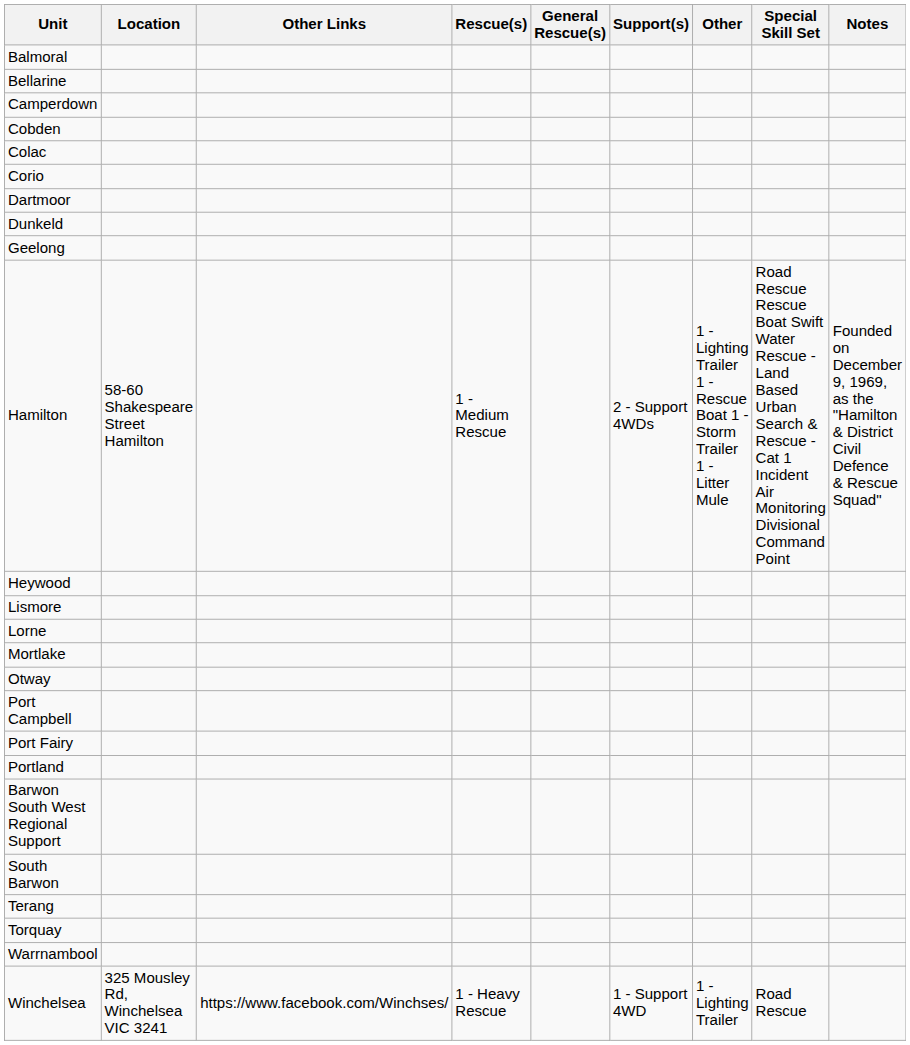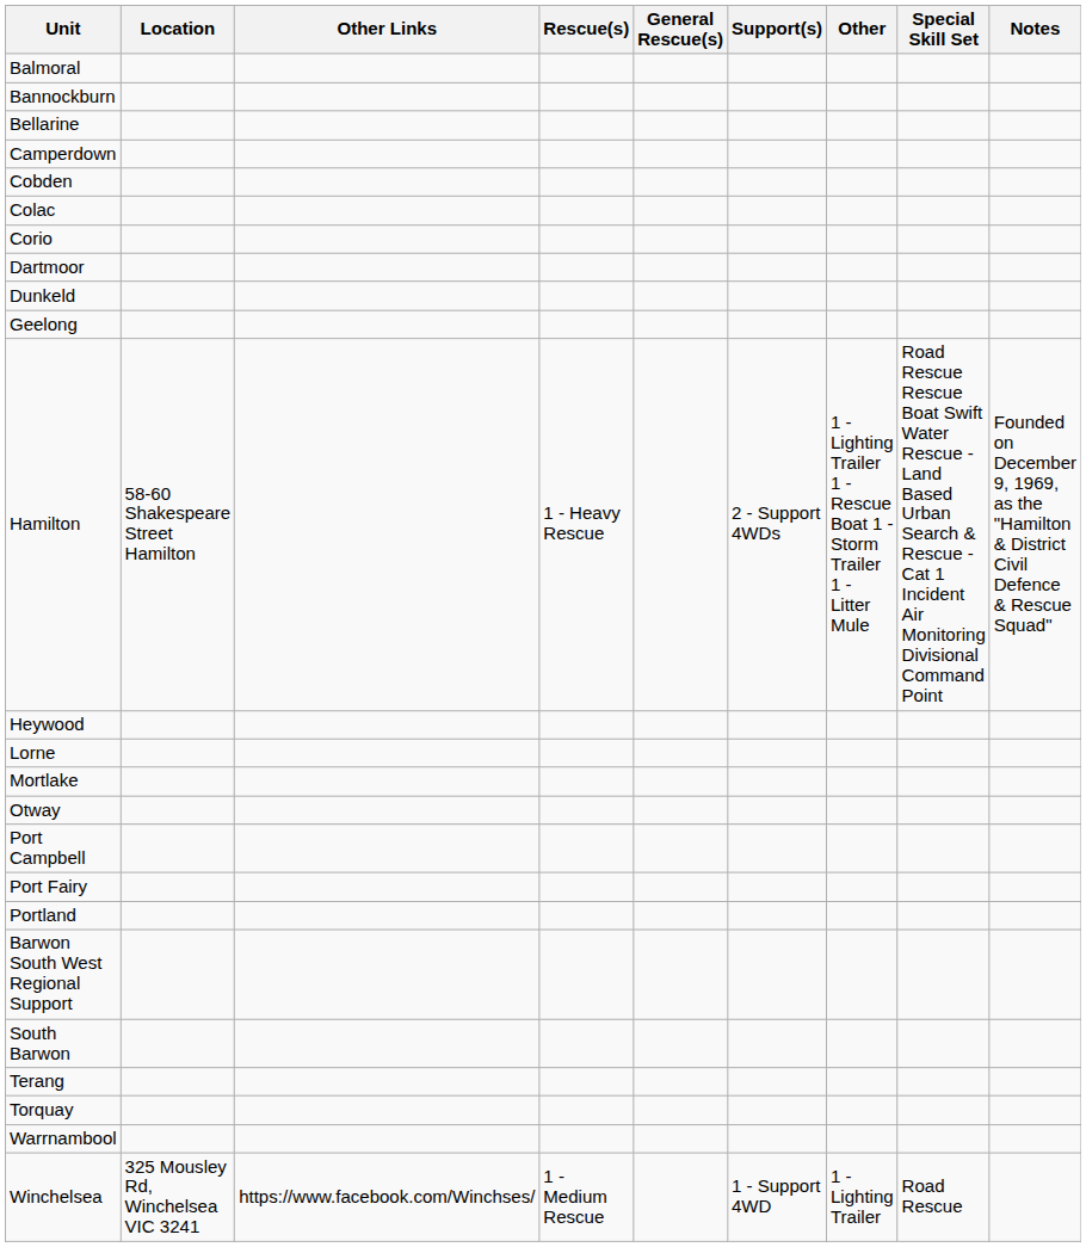 <table class="wikitable">
 <tr>
 <th>Unit</th>
 <th>Location</th>
 <th>Other Links</th>
 <th>Rescue(s)</th>
 <th>General Rescue(s)</th>
 <th>Support(s)</th>
 <th>Other</th>
 <th>Special Skill Set</th>
 <th>Notes</th>
 </tr>
 <tr>
 <td>Balmoral</td>
+<td></td>
+<td></td>
+<td></td>
+<td></td>
+<td></td>
+<td></td>
+<td></td>
+<td></td>
+</tr>
+<tr>
+<td>Bannockburn</td>
 <td></td>
 <td></td>
 <td></td>
 <td></td>
 <td></td>
 <td></td>
 <td></td>
 <td></td>
 </tr>
 <tr>
 <td>Bellarine</td>
 <td></td>
 <td></td>
 <td></td>
 <td></td>
 <td></td>
 <td></td>
 <td></td>
 <td></td>
 </tr>
 <tr>
 <td>Camperdown</td>
 <td></td>
 <td></td>
 <td></td>
 <td></td>
 <td></td>
 <td></td>
 <td></td>
 <td></td>
 </tr>
 <tr>
 <td>Cobden</td>
 <td></td>
 <td></td>
 <td></td>
 <td></td>
 <td></td>
 <td></td>
 <td></td>
 <td></td>
 </tr>
 <tr>
 <td>Colac</td>
 <td></td>
 <td></td>
 <td></td>
 <td></td>
 <td></td>
 <td></td>
 <td></td>
 <td></td>
 </tr>
 <tr>
 <td>Corio</td>
 <td></td>
 <td></td>
 <td></td>
 <td></td>
 <td></td>
 <td></td>
 <td></td>
 <td></td>
 </tr>
 <tr>
 <td>Dartmoor</td>
 <td></td>
 <td></td>
 <td></td>
 <td></td>
 <td></td>
 <td></td>
 <td></td>
 <td></td>
 </tr>
 <tr>
 <td>Dunkeld</td>
 <td></td>
 <td></td>
 <td></td>
 <td></td>
 <td></td>
 <td></td>
 <td></td>
 <td></td>
 </tr>
 <tr>
 <td>Geelong</td>
 <td></td>
 <td></td>
 <td></td>
 <td></td>
 <td></td>
 <td></td>
 <td></td>
 <td></td>
 </tr>
 <tr>
 <td>Hamilton</td>
 <td>58-60 Shakespeare Street Hamilton</td>
 <td></td>
-<td>1 - Medium Rescue</td>
+<td>1 - Heavy Rescue</td>
 <td></td>
 <td>2 - Support 4WDs</td>
 <td>1 - Lighting Trailer<br>1 - Rescue Boat 1 - Storm Trailer 1 - Litter Mule</td>
 <td>Road Rescue<br>Rescue Boat Swift Water Rescue - Land Based  Urban Search & Rescue - Cat 1 Incident Air Monitoring Divisional Command Point</td>
 <td>Founded on December 9, 1969, as the<br>"Hamilton & District Civil Defence & Rescue Squad"</td>
 </tr>
 <tr>
 <td>Heywood</td>
-<td></td>
-<td></td>
-<td></td>
-<td></td>
-<td></td>
-<td></td>
-<td></td>
-<td></td>
-</tr>
-<tr>
-<td>Lismore</td>
 <td></td>
 <td></td>
 <td></td>
 <td></td>
 <td></td>
 <td></td>
 <td></td>
 <td></td>
 </tr>
 <tr>
 <td>Lorne</td>
 <td></td>
 <td></td>
 <td></td>
 <td></td>
 <td></td>
 <td></td>
 <td></td>
 <td></td>
 </tr>
 <tr>
 <td>Mortlake</td>
 <td></td>
 <td></td>
 <td></td>
 <td></td>
 <td></td>
 <td></td>
 <td></td>
 <td></td>
 </tr>
 <tr>
 <td>Otway</td>
 <td></td>
 <td></td>
 <td></td>
 <td></td>
 <td></td>
 <td></td>
 <td></td>
 <td></td>
 </tr>
 <tr>
 <td>Port Campbell</td>
 <td></td>
 <td></td>
 <td></td>
 <td></td>
 <td></td>
 <td></td>
 <td></td>
 <td></td>
 </tr>
 <tr>
 <td>Port Fairy</td>
 <td></td>
 <td></td>
 <td></td>
 <td></td>
 <td></td>
 <td></td>
 <td></td>
 <td></td>
 </tr>
 <tr>
 <td>Portland</td>
 <td></td>
 <td></td>
 <td></td>
 <td></td>
 <td></td>
 <td></td>
 <td></td>
 <td></td>
 </tr>
 <tr>
 <td>Barwon South West Regional Support</td>
 <td></td>
 <td></td>
 <td></td>
 <td></td>
 <td></td>
 <td></td>
 <td></td>
 <td></td>
 </tr>
 <tr>
 <td>South Barwon</td>
 <td></td>
 <td></td>
 <td></td>
 <td></td>
 <td></td>
 <td></td>
 <td></td>
 <td></td>
 </tr>
 <tr>
 <td>Terang</td>
 <td></td>
 <td></td>
 <td></td>
 <td></td>
 <td></td>
 <td></td>
 <td></td>
 <td></td>
 </tr>
 <tr>
 <td>Torquay</td>
 <td></td>
 <td></td>
 <td></td>
 <td></td>
 <td></td>
 <td></td>
 <td></td>
 <td></td>
 </tr>
 <tr>
 <td>Warrnambool</td>
 <td></td>
 <td></td>
 <td></td>
 <td></td>
 <td></td>
 <td></td>
 <td></td>
 <td></td>
 </tr>
 <tr>
 <td>Winchelsea</td>
 <td>325 Mousley Rd, Winchelsea VIC 3241</td>
 <td>https://www.facebook.com/Winchses/</td>
-<td>1 - Heavy Rescue</td>
+<td>1 - Medium Rescue</td>
 <td></td>
 <td>1 - Support 4WD</td>
 <td>1 - Lighting Trailer</td>
 <td>Road Rescue</td>
 <td></td>
 </tr>
 </table>
